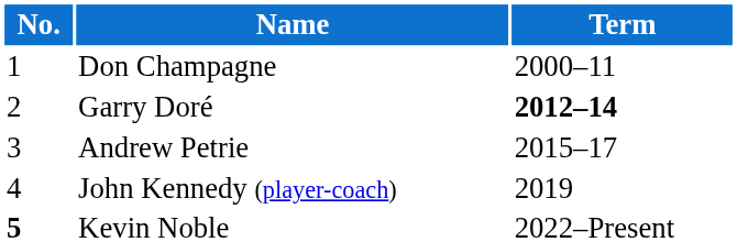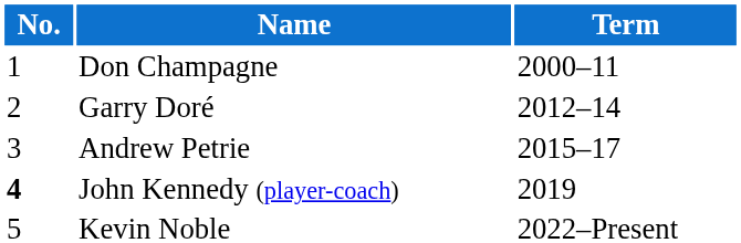 <table class="toccolours" style="width:25em">
 <tr>
 <th style="background:#0D72CE;color:white;border:#0D72CE 1px solid">No.</th>
 <th style="background:#0D72CE;color:white;border:#0D72CE 1px solid">Name</th>
 <th style="background:#0D72CE;color:white;border:#0D72CE 1px solid">Term</th>
 </tr>
 <tr>
 <td>1</td>
 <td> Don Champagne</td>
 <td>2000–11</td>
 </tr>
 <tr>
 <td>2</td>
 <td> Garry Doré</td>
-<td><strong>2012–14</strong></td>
+<td>2012–14</td>
 </tr>
 <tr>
 <td>3</td>
 <td> Andrew Petrie</td>
 <td>2015–17</td>
 </tr>
 <tr>
-<td>4</td>
+<td><strong>4</strong></td>
 <td> John Kennedy <small>(<a href='#'>player-coach</a>)</small></td>
 <td>2019</td>
 </tr>
 <tr>
-<td><strong>5</strong></td>
+<td>5</td>
 <td> Kevin Noble</td>
 <td>2022–Present</td>
 </tr>
 <tr>
 </tr>
 </table>
